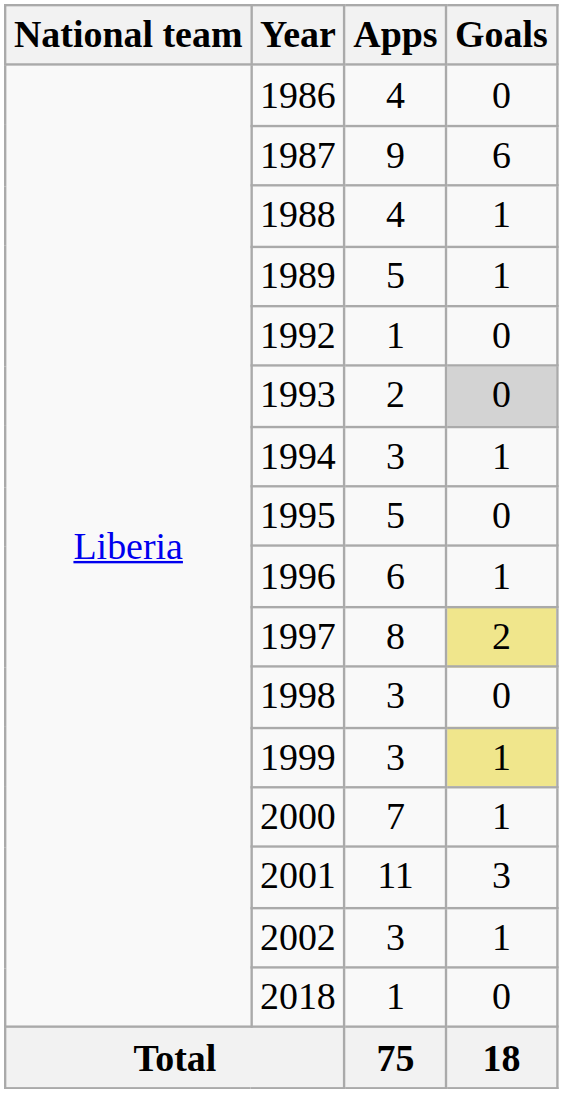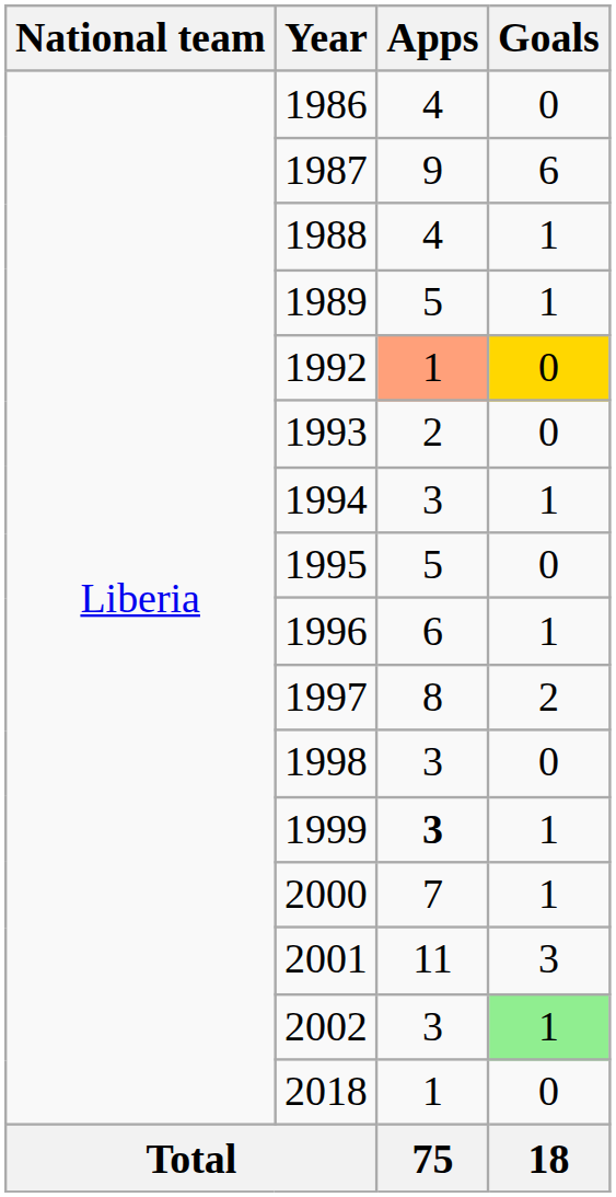 <table class="wikitable" style="text-align: center;">
 <tr>
 <th>National team</th>
 <th>Year</th>
 <th>Apps</th>
 <th>Goals</th>
 </tr>
 <tr>
 <td rowspan="16"><a href='#'>Liberia</a></td>
 <td>1986</td>
 <td>4</td>
 <td>0</td>
 </tr>
 <tr>
 <td>1987</td>
 <td>9</td>
 <td>6</td>
 </tr>
 <tr>
 <td>1988</td>
 <td>4</td>
 <td>1</td>
 </tr>
 <tr>
 <td>1989</td>
 <td>5</td>
 <td>1</td>
 </tr>
 <tr>
 <td>1992</td>
-<td>1</td>
-<td>0</td>
+<td style="background: lightsalmon;">1</td>
+<td style="background: gold;">0</td>
 </tr>
 <tr>
 <td>1993</td>
 <td>2</td>
-<td style="background: lightgrey;">0</td>
+<td>0</td>
 </tr>
 <tr>
 <td>1994</td>
 <td>3</td>
 <td>1</td>
 </tr>
 <tr>
 <td>1995</td>
 <td>5</td>
 <td>0</td>
 </tr>
 <tr>
 <td>1996</td>
 <td>6</td>
 <td>1</td>
 </tr>
 <tr>
 <td>1997</td>
 <td>8</td>
-<td style="background: khaki;">2</td>
+<td>2</td>
 </tr>
 <tr>
 <td>1998</td>
 <td>3</td>
 <td>0</td>
 </tr>
 <tr>
 <td>1999</td>
-<td>3</td>
-<td style="background: khaki;">1</td>
+<td><strong>3</strong></td>
+<td>1</td>
 </tr>
 <tr>
 <td>2000</td>
 <td>7</td>
 <td>1</td>
 </tr>
 <tr>
 <td>2001</td>
 <td>11</td>
 <td>3</td>
 </tr>
 <tr>
 <td>2002</td>
 <td>3</td>
-<td>1</td>
+<td style="background: lightgreen;">1</td>
 </tr>
 <tr>
 <td>2018</td>
 <td>1</td>
 <td>0</td>
 </tr>
 <tr>
 <th colspan="2">Total</th>
 <th>75</th>
 <th>18</th>
 </tr>
 </table>
